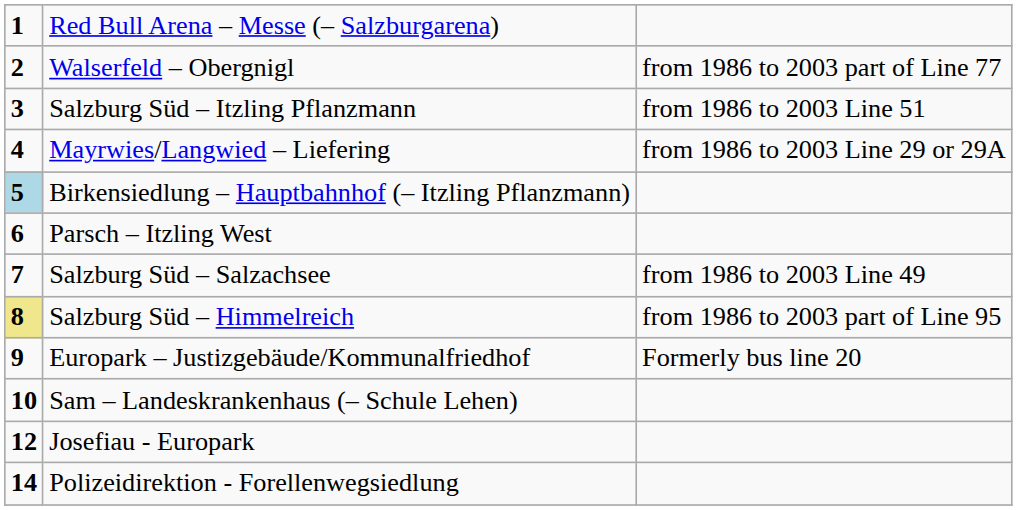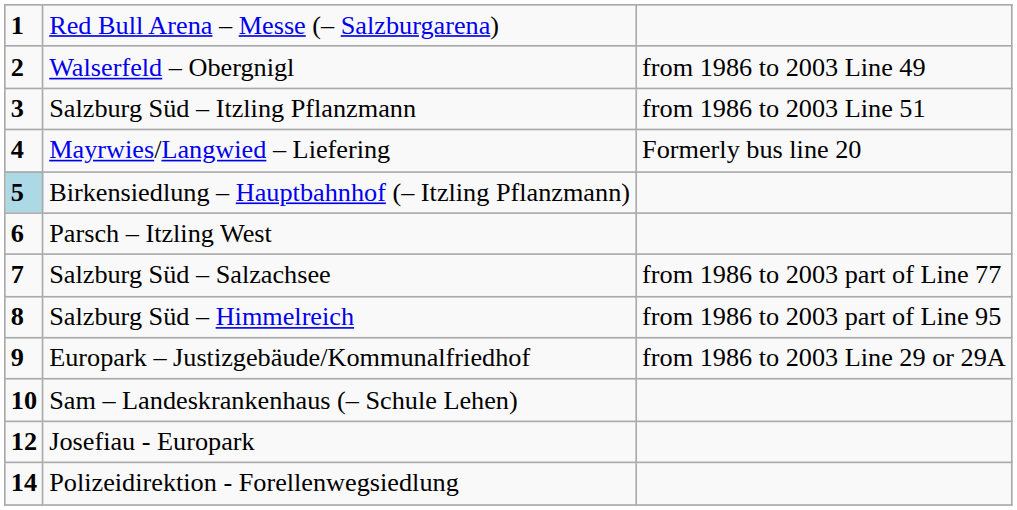 <table class="wikitable">
 <tr>
 <td><strong>1</strong></td>
 <td><a href='#'>Red Bull Arena</a> – <a href='#'>Messe</a> (– <a href='#'>Salzburgarena</a>)</td>
 <td></td>
 </tr>
 <tr>
 <td><strong>2</strong></td>
 <td><a href='#'>Walserfeld</a> – Obergnigl</td>
-<td>from 1986 to 2003 part of Line 77</td>
+<td>from 1986 to 2003 Line 49</td>
 </tr>
 <tr>
 <td><strong>3</strong></td>
 <td>Salzburg Süd – Itzling Pflanzmann</td>
 <td>from 1986 to 2003 Line 51</td>
 </tr>
 <tr>
 <td><strong>4</strong></td>
 <td><a href='#'>Mayrwies</a>/<a href='#'>Langwied</a> – Liefering</td>
-<td>from 1986 to 2003 Line 29 or 29A</td>
+<td>Formerly bus line 20</td>
 </tr>
 <tr>
 <td style="background: lightblue;"><strong>5</strong></td>
 <td>Birkensiedlung – <a href='#'>Hauptbahnhof</a> (– Itzling Pflanzmann)</td>
 <td></td>
 </tr>
 <tr>
 <td><strong>6</strong></td>
 <td>Parsch – Itzling West</td>
 <td></td>
 </tr>
 <tr>
 <td><strong>7</strong></td>
 <td>Salzburg Süd – Salzachsee</td>
-<td>from 1986 to 2003 Line 49</td>
+<td>from 1986 to 2003 part of Line 77</td>
 </tr>
 <tr>
-<td style="background: khaki;"><strong>8</strong></td>
+<td><strong>8</strong></td>
 <td>Salzburg Süd – <a href='#'>Himmelreich</a></td>
 <td>from 1986 to 2003 part of Line 95</td>
 </tr>
 <tr>
 <td><strong>9</strong></td>
 <td>Europark – Justizgebäude/Kommunalfriedhof</td>
-<td>Formerly bus line 20</td>
+<td>from 1986 to 2003 Line 29 or 29A</td>
 </tr>
 <tr>
 <td><strong>10</strong></td>
 <td>Sam – Landeskrankenhaus (– Schule Lehen)</td>
 <td></td>
 </tr>
 <tr>
 <td><strong>12</strong></td>
 <td>Josefiau - Europark</td>
 <td></td>
 </tr>
 <tr>
 <td><strong>14</strong></td>
 <td>Polizeidirektion - Forellenwegsiedlung</td>
 <td></td>
 </tr>
 </table>
